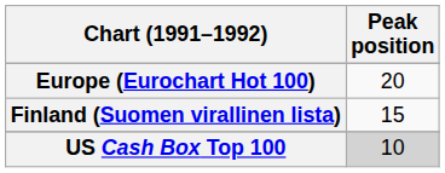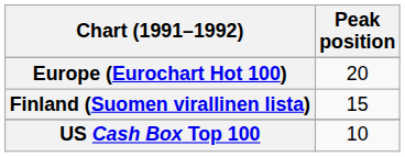 <table class="wikitable sortable plainrowheaders" style="text-align:center">
 <tr>
 <th>Chart (1991–1992)</th>
 <th>Peak<br>position</th>
 </tr>
 <tr>
 </tr>
 <tr>
 </tr>
 <tr>
 </tr>
 <tr>
 </tr>
 <tr>
 <th scope="row">Europe (<a href='#'>Eurochart Hot 100</a>)</th>
 <td>20</td>
 </tr>
 <tr>
 <th scope="row">Finland (<a href='#'>Suomen virallinen lista</a>)</th>
 <td>15</td>
 </tr>
 <tr>
 </tr>
 <tr>
 </tr>
 <tr>
 </tr>
 <tr>
 </tr>
 <tr>
 </tr>
 <tr>
 </tr>
 <tr>
 </tr>
 <tr>
 </tr>
 <tr>
 </tr>
 <tr>
 </tr>
 <tr>
 <th scope="row">US <a href='#'><em>Cash Box</em> Top 100</a></th>
-<td style="background: lightgrey;">10</td>
+<td>10</td>
 </tr>
 </table>
